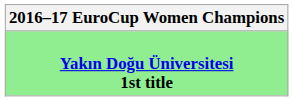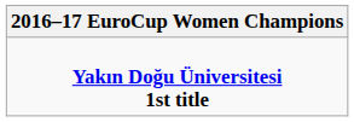 <table class=wikitable style="text-align:center; margin:auto">
 <tr>
 <th>2016–17 EuroCup Women Champions</th>
 </tr>
 <tr>
-<td style="background: lightgreen;"><br><strong><a href='#'>Yakın Doğu Üniversitesi</a></strong><br><strong>1st title</strong></td>
+<td><br><strong><a href='#'>Yakın Doğu Üniversitesi</a></strong><br><strong>1st title</strong></td>
 </tr>
 </table>
